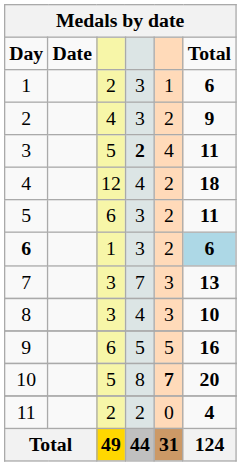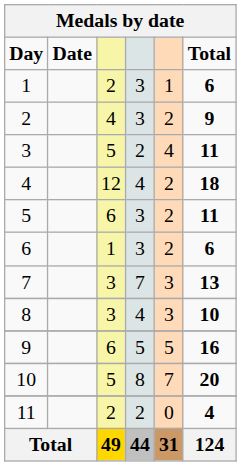 <table class="wikitable" style="font-size:95%">
 <tr style="background:#efefef;">
 <th colspan=6>Medals by date</th>
 </tr>
 <tr style="text-align:center;">
 <td><strong>Day</strong></td>
 <td><strong>Date</strong></td>
 <td style="background:#F7F6A8;"></td>
 <td style="background:#DCE5E5;"></td>
 <td style="background:#FFDAB9;"></td>
 <td><strong>Total</strong></td>
 </tr>
 <tr style="text-align:center;">
 <td>1</td>
 <td></td>
 <td style="background:#F7F6A8;">2</td>
 <td style="background:#DCE5E5;">3</td>
 <td style="background:#FFDAB9;">1</td>
 <td><strong>6</strong></td>
 </tr>
 <tr style="text-align:center;">
 <td>2</td>
 <td></td>
 <td style="background:#F7F6A8;">4</td>
 <td style="background:#DCE5E5;">3</td>
 <td style="background:#FFDAB9;">2</td>
 <td><strong>9</strong></td>
 </tr>
 <tr style="text-align:center;">
 <td>3</td>
 <td></td>
 <td style="background:#F7F6A8;">5</td>
-<td style="background:#DCE5E5;"><strong>2</strong></td>
+<td style="background:#DCE5E5;">2</td>
 <td style="background:#FFDAB9;">4</td>
 <td><strong>11</strong></td>
 </tr>
 <tr style="text-align:center;">
 <td>4</td>
 <td></td>
 <td style="background:#F7F6A8;">12</td>
 <td style="background:#DCE5E5;">4</td>
 <td style="background:#FFDAB9;">2</td>
 <td><strong>18</strong></td>
 </tr>
 <tr style="text-align:center;">
 <td>5</td>
 <td></td>
 <td style="background:#F7F6A8;">6</td>
 <td style="background:#DCE5E5;">3</td>
 <td style="background:#FFDAB9;">2</td>
 <td><strong>11</strong></td>
 </tr>
 <tr style="text-align:center;">
-<td><strong>6</strong></td>
+<td>6</td>
 <td></td>
 <td style="background:#F7F6A8;">1</td>
 <td style="background:#DCE5E5;">3</td>
 <td style="background:#FFDAB9;">2</td>
-<td style="background: lightblue;"><strong>6</strong></td>
+<td><strong>6</strong></td>
 </tr>
 <tr style="text-align:center;">
 <td>7</td>
 <td></td>
 <td style="background:#F7F6A8;">3</td>
 <td style="background:#DCE5E5;">7</td>
 <td style="background:#FFDAB9;">3</td>
 <td><strong>13</strong></td>
 </tr>
 <tr>
 </tr>
 <tr style="text-align:center;">
 <td>8</td>
 <td></td>
 <td style="background:#F7F6A8;">3</td>
 <td style="background:#DCE5E5;">4</td>
 <td style="background:#FFDAB9;">3</td>
 <td><strong>10</strong></td>
 </tr>
 <tr>
 </tr>
 <tr style="text-align:center;">
 <td>9</td>
 <td></td>
 <td style="background:#F7F6A8;">6</td>
 <td style="background:#DCE5E5;">5</td>
 <td style="background:#FFDAB9;">5</td>
 <td><strong>16</strong></td>
 </tr>
 <tr>
 </tr>
 <tr style="text-align:center;">
 <td>10</td>
 <td></td>
 <td style="background:#F7F6A8;">5</td>
 <td style="background:#DCE5E5;">8</td>
-<td style="background:#FFDAB9;"><strong>7</strong></td>
+<td style="background:#FFDAB9;">7</td>
 <td><strong>20</strong></td>
 </tr>
 <tr>
 </tr>
 <tr style="text-align:center;">
 <td>11</td>
 <td></td>
 <td style="background:#F7F6A8;">2</td>
 <td style="background:#DCE5E5;">2</td>
 <td style="background:#FFDAB9;">0</td>
 <td><strong>4</strong></td>
 </tr>
 <tr>
 <th colspan="2">Total</th>
 <th style="background:gold;">49</th>
 <th style="background:silver;">44</th>
 <th style="background:#c96;">31</th>
 <th>124</th>
 </tr>
 </table>
